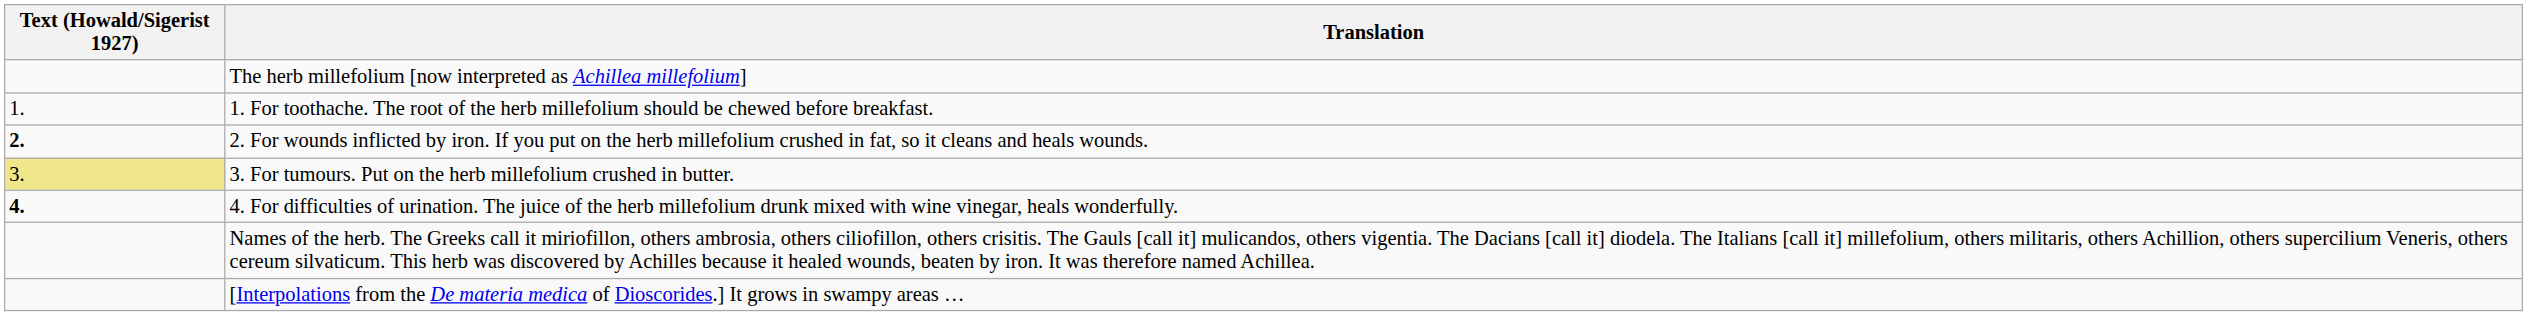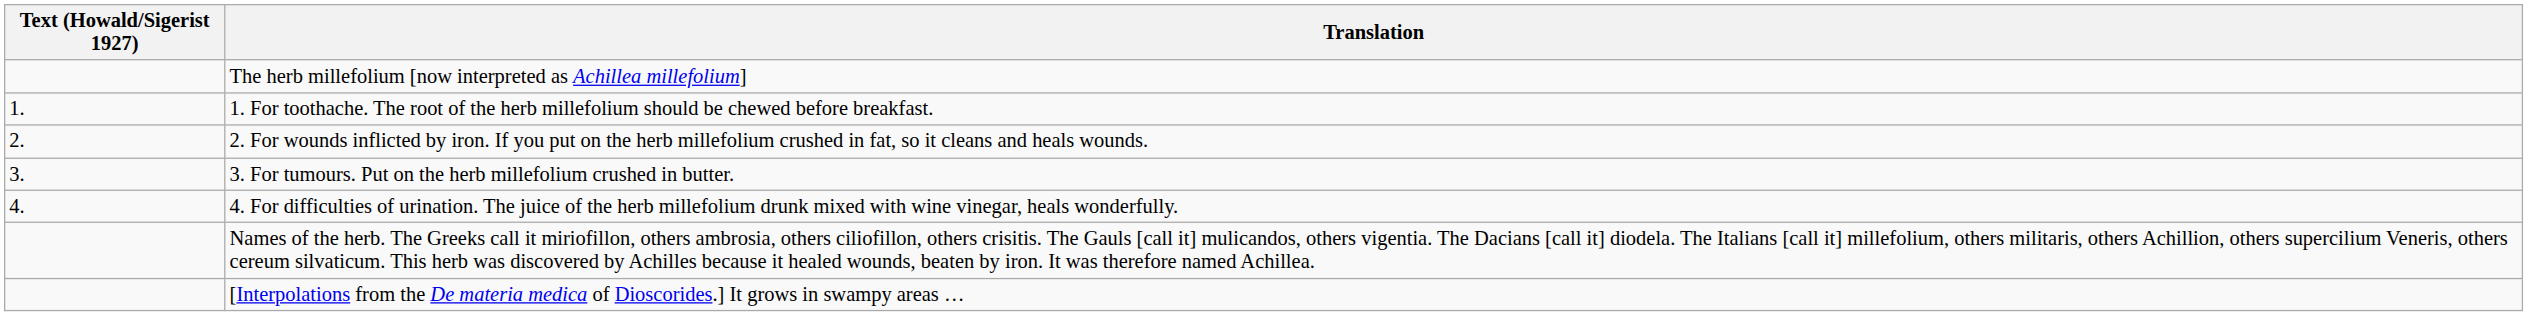 <table class="wikitable">
 <tr>
 <th>Text (Howald/Sigerist 1927)</th>
 <th>Translation</th>
 </tr>
 <tr>
 <td></td>
 <td>The herb millefolium [now interpreted as <em><a href='#'>Achillea millefolium</a></em>]</td>
 </tr>
 <tr>
 <td>1. </td>
 <td>1. For toothache. The root of the herb millefolium should be chewed before breakfast.</td>
 </tr>
 <tr>
-<td><strong>2. </strong></td>
+<td>2. </td>
 <td>2. For wounds inflicted by iron. If you put on the herb millefolium crushed in fat, so it cleans and heals wounds.</td>
 </tr>
 <tr>
-<td style="background: khaki;">3. </td>
+<td>3. </td>
 <td>3. For tumours. Put on the herb millefolium crushed in butter.</td>
 </tr>
 <tr>
-<td><strong>4. </strong></td>
+<td>4. </td>
 <td>4. For difficulties of urination. The juice of the herb millefolium drunk mixed with wine vinegar, heals wonderfully.</td>
 </tr>
 <tr>
 <td></td>
 <td>Names of the herb. The Greeks call it miriofillon, others ambrosia, others ciliofillon, others crisitis. The Gauls [call it] mulicandos, others vigentia. The Dacians [call it] diodela. The Italians [call it] millefolium, others militaris, others Achillion, others supercilium Veneris, others cereum silvaticum. This herb was discovered by Achilles because it healed wounds, beaten by iron. It was therefore named Achillea.</td>
 </tr>
 <tr>
 <td></td>
 <td>[<a href='#'>Interpolations</a> from the <em><a href='#'>De materia medica</a></em> of <a href='#'>Dioscorides</a>.] It grows in swampy areas …</td>
 </tr>
 </table>
